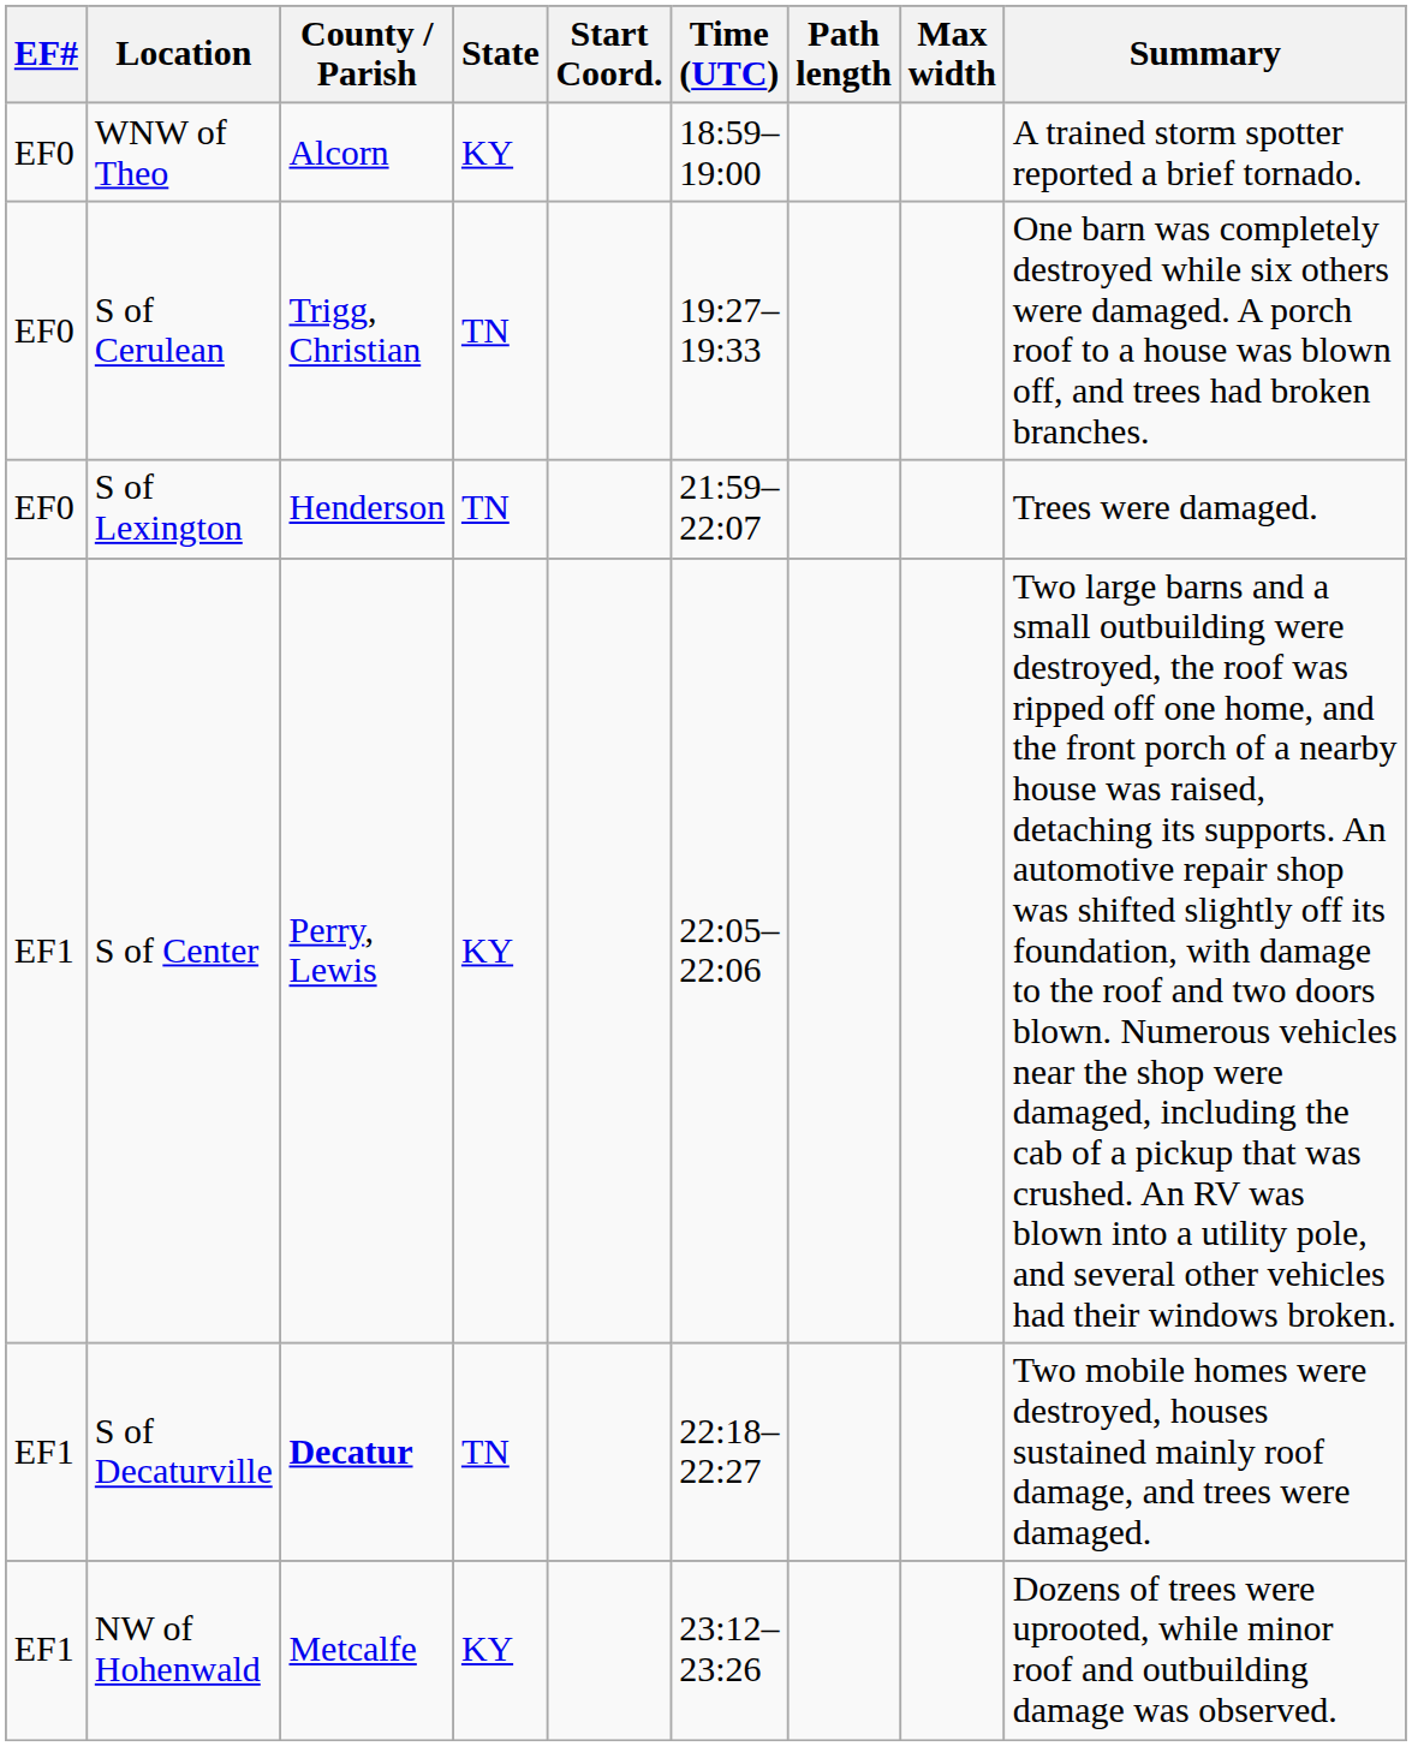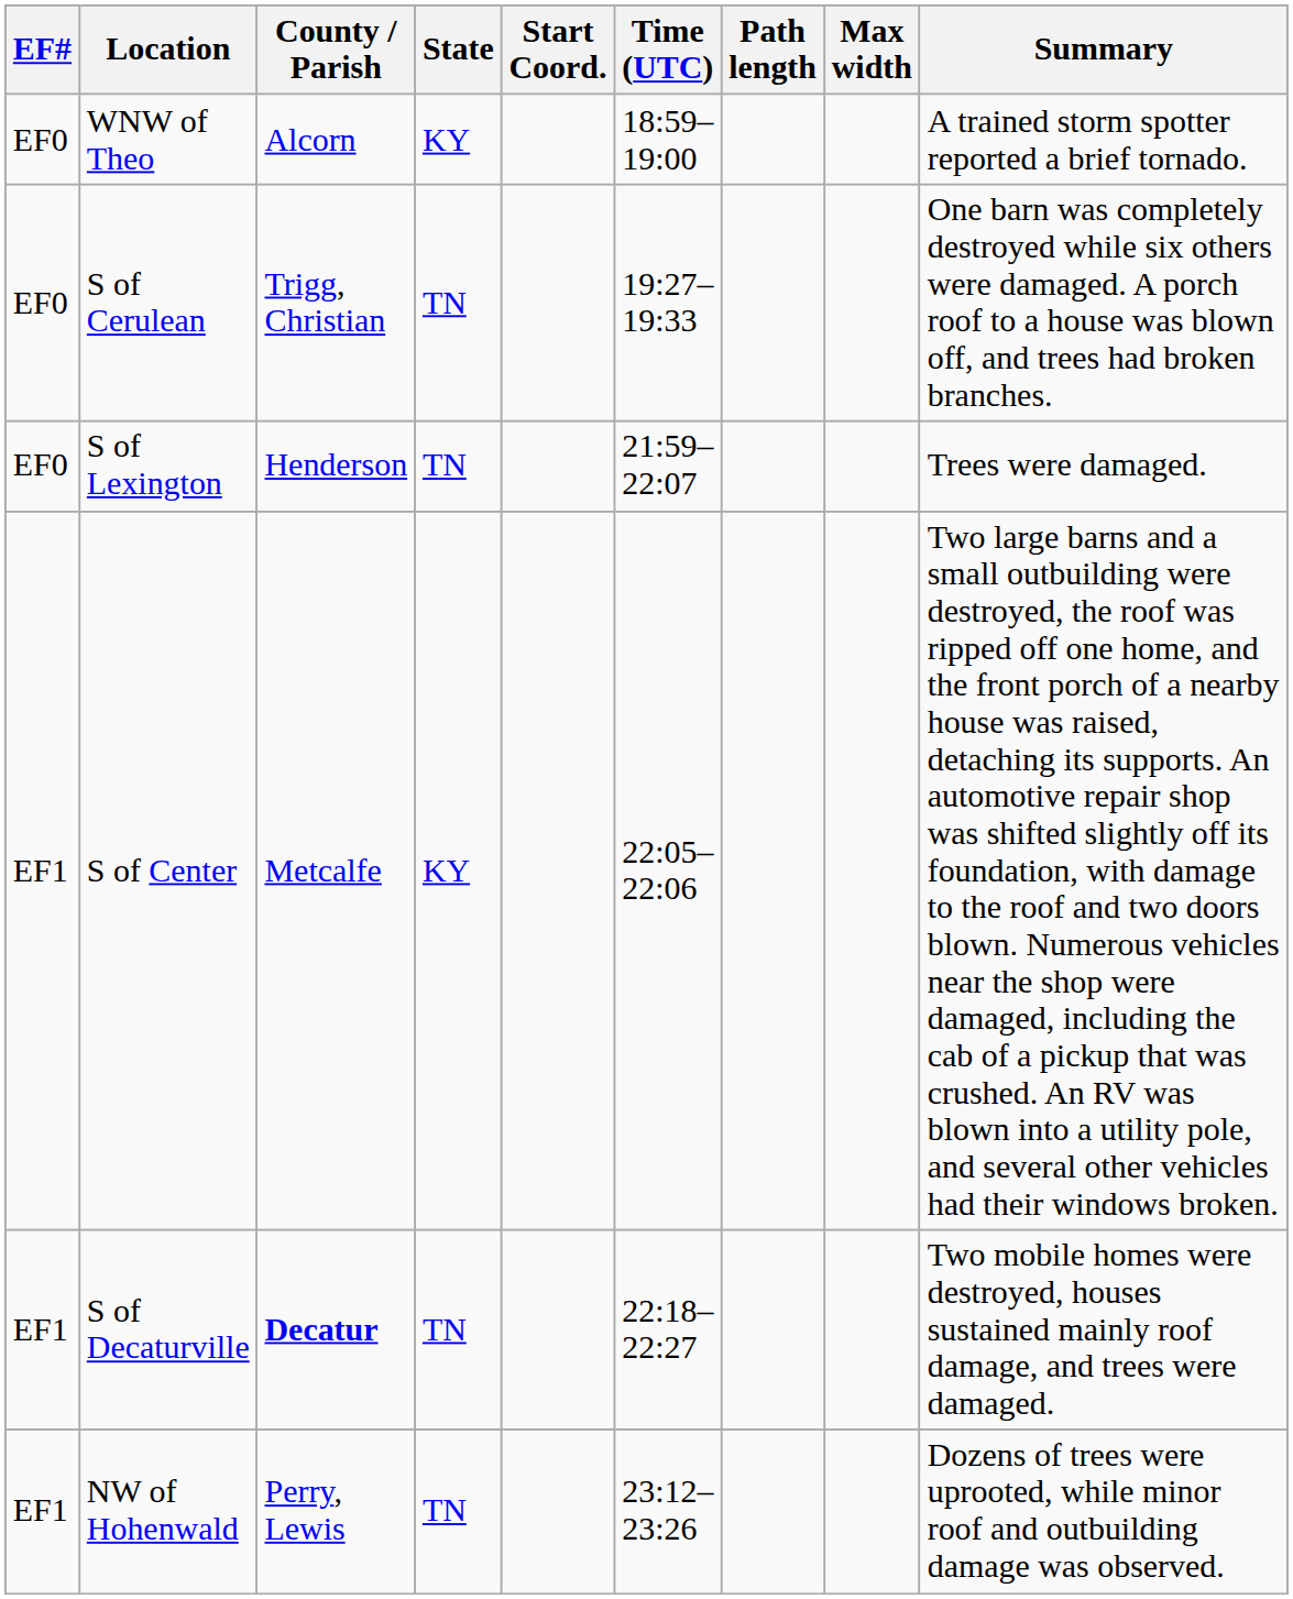 <table class="wikitable sortable" style="width:100%;">
 <tr>
 <th scope="col" style="width:3%; text-align:center;"><a href='#'>EF#</a></th>
 <th scope="col" style="width:7%; text-align:center;" class="unsortable">Location</th>
 <th scope="col" style="width:6%; text-align:center;" class="unsortable">County / Parish</th>
 <th scope="col" style="width:5%; text-align:center;">State</th>
 <th scope="col" style="width:6%; text-align:center;">Start Coord.</th>
 <th scope="col" style="width:6%; text-align:center;">Time (<a href='#'>UTC</a>)</th>
 <th scope="col" style="width:6%; text-align:center;">Path length</th>
 <th scope="col" style="width:6%; text-align:center;">Max width</th>
 <th scope="col" class="unsortable" style="width:48%; text-align:center;">Summary</th>
 </tr>
 <tr>
 <td>EF0</td>
 <td>WNW of <a href='#'>Theo</a></td>
 <td><a href='#'>Alcorn</a></td>
 <td><a href='#'>KY</a></td>
 <td></td>
 <td>18:59–19:00</td>
 <td></td>
 <td></td>
 <td>A trained storm spotter reported a brief tornado.</td>
 </tr>
 <tr>
 <td>EF0</td>
 <td>S of <a href='#'>Cerulean</a></td>
 <td><a href='#'>Trigg</a>, <a href='#'>Christian</a></td>
 <td><a href='#'>TN</a></td>
 <td></td>
 <td>19:27–19:33</td>
 <td></td>
 <td></td>
 <td>One barn was completely destroyed while six others were damaged. A porch roof to a house was blown off, and trees had broken branches.</td>
 </tr>
 <tr>
 <td>EF0</td>
 <td>S of <a href='#'>Lexington</a></td>
 <td><a href='#'>Henderson</a></td>
 <td><a href='#'>TN</a></td>
 <td></td>
 <td>21:59–22:07</td>
 <td></td>
 <td></td>
 <td>Trees were damaged.</td>
 </tr>
 <tr>
 <td>EF1</td>
 <td>S of <a href='#'>Center</a></td>
-<td><a href='#'>Perry</a>, <a href='#'>Lewis</a></td>
+<td><a href='#'>Metcalfe</a></td>
 <td><a href='#'>KY</a></td>
 <td></td>
 <td>22:05–22:06</td>
 <td></td>
 <td></td>
 <td>Two large barns and a small outbuilding were destroyed, the roof was ripped off one home, and the front porch of a nearby house was raised, detaching its supports. An automotive repair shop was shifted slightly off its foundation, with damage to the roof and two doors blown. Numerous vehicles near the shop were damaged, including the cab of a pickup that was crushed. An RV was blown into a utility pole, and several other vehicles had their windows broken.</td>
 </tr>
 <tr>
 <td>EF1</td>
 <td>S of <a href='#'>Decaturville</a></td>
 <td><strong><a href='#'>Decatur</a></strong></td>
 <td><a href='#'>TN</a></td>
 <td></td>
 <td>22:18–22:27</td>
 <td></td>
 <td></td>
 <td>Two mobile homes were destroyed, houses sustained mainly roof damage, and trees were damaged.</td>
 </tr>
 <tr>
 <td>EF1</td>
 <td>NW of <a href='#'>Hohenwald</a></td>
-<td><a href='#'>Metcalfe</a></td>
-<td><a href='#'>KY</a></td>
+<td><a href='#'>Perry</a>, <a href='#'>Lewis</a></td>
+<td><a href='#'>TN</a></td>
 <td></td>
 <td>23:12–23:26</td>
 <td></td>
 <td></td>
 <td>Dozens of trees were uprooted, while minor roof and outbuilding damage was observed.</td>
 </tr>
 <tr>
 </tr>
 </table>
